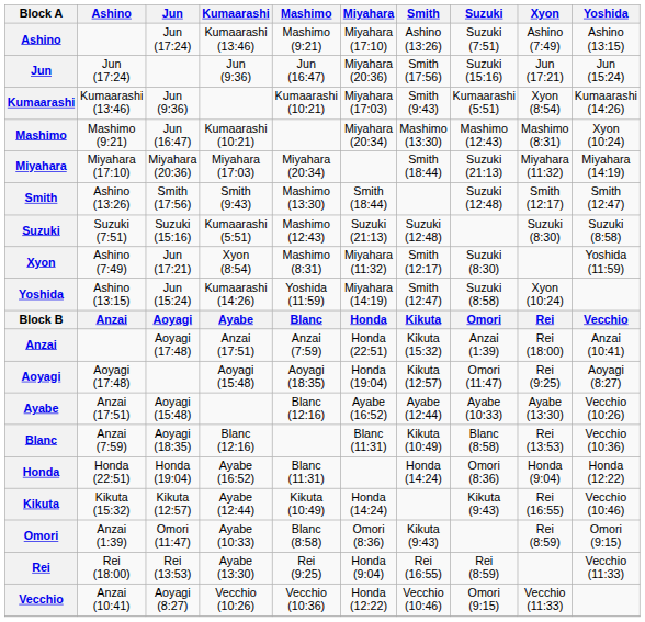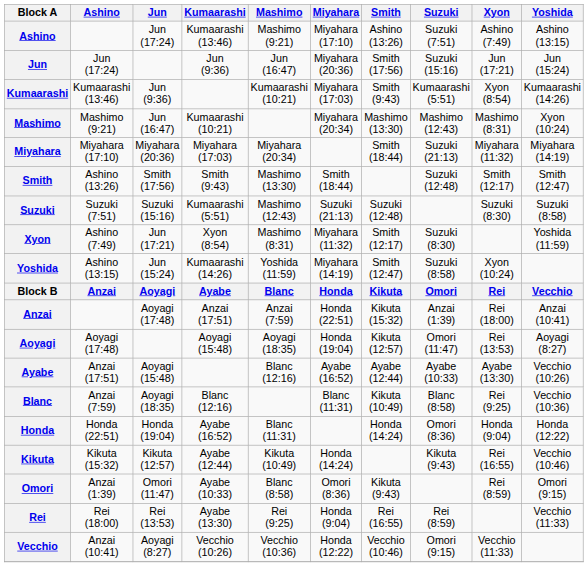 <table class="wikitable" style="margin: 1em auto 1em auto; text-align:center;">
 <tr>
 <th>Block A</th>
 <th><a href='#'>Ashino</a></th>
 <th><a href='#'>Jun</a></th>
 <th><a href='#'>Kumaarashi</a></th>
 <th><a href='#'>Mashimo</a></th>
 <th><a href='#'>Miyahara</a></th>
 <th><a href='#'>Smith</a></th>
 <th><a href='#'>Suzuki</a></th>
 <th><a href='#'>Xyon</a></th>
 <th><a href='#'>Yoshida</a></th>
 </tr>
 <tr>
 <th><a href='#'>Ashino</a></th>
 <td></td>
 <td>Jun<br>(17:24)</td>
 <td>Kumaarashi<br>(13:46)</td>
 <td>Mashimo<br>(9:21)</td>
 <td>Miyahara<br>(17:10)</td>
 <td>Ashino<br>(13:26)</td>
 <td>Suzuki<br>(7:51)</td>
 <td>Ashino<br>(7:49)</td>
 <td>Ashino<br>(13:15)</td>
 </tr>
 <tr>
 <th><a href='#'>Jun</a></th>
 <td>Jun<br>(17:24)</td>
 <td></td>
 <td>Jun<br>(9:36)</td>
 <td>Jun<br>(16:47)</td>
 <td>Miyahara<br>(20:36)</td>
 <td>Smith<br>(17:56)</td>
 <td>Suzuki<br>(15:16)</td>
 <td>Jun<br>(17:21)</td>
 <td>Jun<br>(15:24)</td>
 </tr>
 <tr>
 <th><a href='#'>Kumaarashi</a></th>
 <td>Kumaarashi<br>(13:46)</td>
 <td>Jun<br>(9:36)</td>
 <td></td>
 <td>Kumaarashi<br>(10:21)</td>
 <td>Miyahara<br>(17:03)</td>
 <td>Smith<br>(9:43)</td>
 <td>Kumaarashi<br>(5:51)</td>
 <td>Xyon<br>(8:54)</td>
 <td>Kumaarashi<br>(14:26)</td>
 </tr>
 <tr>
 <th><a href='#'>Mashimo</a></th>
 <td>Mashimo<br>(9:21)</td>
 <td>Jun<br>(16:47)</td>
 <td>Kumaarashi<br>(10:21)</td>
 <td></td>
 <td>Miyahara<br>(20:34)</td>
 <td>Mashimo<br>(13:30)</td>
 <td>Mashimo<br>(12:43)</td>
 <td>Mashimo<br>(8:31)</td>
 <td>Xyon<br>(10:24)</td>
 </tr>
 <tr>
 <th><a href='#'>Miyahara</a></th>
 <td>Miyahara<br>(17:10)</td>
 <td>Miyahara<br>(20:36)</td>
 <td>Miyahara<br>(17:03)</td>
 <td>Miyahara<br>(20:34)</td>
 <td></td>
 <td>Smith<br>(18:44)</td>
 <td>Suzuki<br>(21:13)</td>
 <td>Miyahara<br>(11:32)</td>
 <td>Miyahara<br>(14:19)</td>
 </tr>
 <tr>
 <th><a href='#'>Smith</a></th>
 <td>Ashino<br>(13:26)</td>
 <td>Smith<br>(17:56)</td>
 <td>Smith<br>(9:43)</td>
 <td>Mashimo<br>(13:30)</td>
 <td>Smith<br>(18:44)</td>
 <td></td>
 <td>Suzuki<br>(12:48)</td>
 <td>Smith<br>(12:17)</td>
 <td>Smith<br>(12:47)</td>
 </tr>
 <tr>
 <th><a href='#'>Suzuki</a></th>
 <td>Suzuki<br>(7:51)</td>
 <td>Suzuki<br>(15:16)</td>
 <td>Kumaarashi<br>(5:51)</td>
 <td>Mashimo<br>(12:43)</td>
 <td>Suzuki<br>(21:13)</td>
 <td>Suzuki<br>(12:48)</td>
 <td></td>
 <td>Suzuki<br>(8:30)</td>
 <td>Suzuki<br>(8:58)</td>
 </tr>
 <tr>
 <th><a href='#'>Xyon</a></th>
 <td>Ashino<br>(7:49)</td>
 <td>Jun<br>(17:21)</td>
 <td>Xyon<br>(8:54)</td>
 <td>Mashimo<br>(8:31)</td>
 <td>Miyahara<br>(11:32)</td>
 <td>Smith<br>(12:17)</td>
 <td>Suzuki<br>(8:30)</td>
 <td></td>
 <td>Yoshida<br>(11:59)</td>
 </tr>
 <tr>
 <th><a href='#'>Yoshida</a></th>
 <td>Ashino<br>(13:15)</td>
 <td>Jun<br>(15:24)</td>
 <td>Kumaarashi<br>(14:26)</td>
 <td>Yoshida<br>(11:59)</td>
 <td>Miyahara<br>(14:19)</td>
 <td>Smith<br>(12:47)</td>
 <td>Suzuki<br>(8:58)</td>
 <td>Xyon<br>(10:24)</td>
 <td></td>
 </tr>
 <tr>
 <th>Block B</th>
 <th><a href='#'>Anzai</a></th>
 <th><a href='#'>Aoyagi</a></th>
 <th><a href='#'>Ayabe</a></th>
 <th><a href='#'>Blanc</a></th>
 <th><a href='#'>Honda</a></th>
 <th><a href='#'>Kikuta</a></th>
 <th><a href='#'>Omori</a></th>
 <th><a href='#'>Rei</a></th>
 <th><a href='#'>Vecchio</a></th>
 </tr>
 <tr>
 <th><a href='#'>Anzai</a></th>
 <td></td>
 <td>Aoyagi<br>(17:48)</td>
 <td>Anzai<br>(17:51)</td>
 <td>Anzai<br>(7:59)</td>
 <td>Honda<br>(22:51)</td>
 <td>Kikuta<br>(15:32)</td>
 <td>Anzai<br>(1:39)</td>
 <td>Rei<br>(18:00)</td>
 <td>Anzai<br>(10:41)</td>
 </tr>
 <tr>
 <th><a href='#'>Aoyagi</a></th>
 <td>Aoyagi<br>(17:48)</td>
 <td></td>
 <td>Aoyagi<br>(15:48)</td>
 <td>Aoyagi<br>(18:35)</td>
 <td>Honda<br>(19:04)</td>
 <td>Kikuta<br>(12:57)</td>
 <td>Omori<br>(11:47)</td>
-<td>Rei<br>(9:25)</td>
+<td>Rei<br>(13:53)</td>
 <td>Aoyagi<br>(8:27)</td>
 </tr>
 <tr>
 <th><a href='#'>Ayabe</a></th>
 <td>Anzai<br>(17:51)</td>
 <td>Aoyagi<br>(15:48)</td>
 <td></td>
 <td>Blanc<br>(12:16)</td>
 <td>Ayabe<br>(16:52)</td>
 <td>Ayabe<br>(12:44)</td>
 <td>Ayabe<br>(10:33)</td>
 <td>Ayabe<br>(13:30)</td>
 <td>Vecchio<br>(10:26)</td>
 </tr>
 <tr>
 <th><a href='#'>Blanc</a></th>
 <td>Anzai<br>(7:59)</td>
 <td>Aoyagi<br>(18:35)</td>
 <td>Blanc<br>(12:16)</td>
 <td></td>
 <td>Blanc<br>(11:31)</td>
 <td>Kikuta<br>(10:49)</td>
 <td>Blanc<br>(8:58)</td>
-<td>Rei<br>(13:53)</td>
+<td>Rei<br>(9:25)</td>
 <td>Vecchio<br>(10:36)</td>
 </tr>
 <tr>
 <th><a href='#'>Honda</a></th>
 <td>Honda<br>(22:51)</td>
 <td>Honda<br>(19:04)</td>
 <td>Ayabe<br>(16:52)</td>
 <td>Blanc<br>(11:31)</td>
 <td></td>
 <td>Honda<br>(14:24)</td>
 <td>Omori<br>(8:36)</td>
 <td>Honda<br>(9:04)</td>
 <td>Honda<br>(12:22)</td>
 </tr>
 <tr>
 <th><a href='#'>Kikuta</a></th>
 <td>Kikuta<br>(15:32)</td>
 <td>Kikuta<br>(12:57)</td>
 <td>Ayabe<br>(12:44)</td>
 <td>Kikuta<br>(10:49)</td>
 <td>Honda<br>(14:24)</td>
 <td></td>
 <td>Kikuta<br>(9:43)</td>
 <td>Rei<br>(16:55)</td>
 <td>Vecchio<br>(10:46)</td>
 </tr>
 <tr>
 <th><a href='#'>Omori</a></th>
 <td>Anzai<br>(1:39)</td>
 <td>Omori<br>(11:47)</td>
 <td>Ayabe<br>(10:33)</td>
 <td>Blanc<br>(8:58)</td>
 <td>Omori<br>(8:36)</td>
 <td>Kikuta<br>(9:43)</td>
 <td></td>
 <td>Rei<br>(8:59)</td>
 <td>Omori<br>(9:15)</td>
 </tr>
 <tr>
 <th><a href='#'>Rei</a></th>
 <td>Rei<br>(18:00)</td>
 <td>Rei<br>(13:53)</td>
 <td>Ayabe<br>(13:30)</td>
 <td>Rei<br>(9:25)</td>
 <td>Honda<br>(9:04)</td>
 <td>Rei<br>(16:55)</td>
 <td>Rei<br>(8:59)</td>
 <td></td>
 <td>Vecchio<br>(11:33)</td>
 </tr>
 <tr>
 <th><a href='#'>Vecchio</a></th>
 <td>Anzai<br>(10:41)</td>
 <td>Aoyagi<br>(8:27)</td>
 <td>Vecchio<br>(10:26)</td>
 <td>Vecchio<br>(10:36)</td>
 <td>Honda<br>(12:22)</td>
 <td>Vecchio<br>(10:46)</td>
 <td>Omori<br>(9:15)</td>
 <td>Vecchio<br>(11:33)</td>
 <td></td>
 </tr>
 <tr>
 </tr>
 </table>
